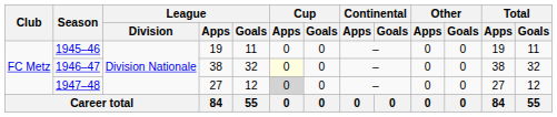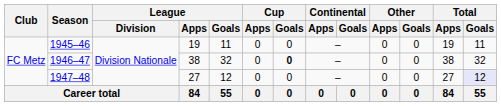 <table class="wikitable" style="text-align: center">
 <tr>
 <th rowspan="2">Club</th>
 <th rowspan="2">Season</th>
 <th colspan="3">League</th>
 <th colspan="2">Cup</th>
 <th colspan="2">Continental</th>
 <th colspan="2">Other</th>
 <th colspan="2">Total</th>
 </tr>
 <tr>
 <th>Division</th>
 <th>Apps</th>
 <th>Goals</th>
 <th>Apps</th>
 <th>Goals</th>
 <th>Apps</th>
 <th>Goals</th>
 <th>Apps</th>
 <th>Goals</th>
 <th>Apps</th>
 <th>Goals</th>
 </tr>
 <tr>
 <td rowspan="3"><a href='#'>FC Metz</a></td>
 <td><a href='#'>1945–46</a></td>
 <td rowspan="3"><a href='#'>Division Nationale</a></td>
 <td>19</td>
 <td>11</td>
 <td>0</td>
 <td>0</td>
 <td colspan="2">–</td>
 <td>0</td>
 <td>0</td>
 <td>19</td>
 <td>11</td>
 </tr>
 <tr>
 <td><a href='#'>1946–47</a></td>
 <td>38</td>
 <td>32</td>
-<td style="background: lightyellow;">0</td>
 <td>0</td>
+<td><strong>0</strong></td>
 <td colspan="2">–</td>
 <td>0</td>
 <td>0</td>
 <td>38</td>
 <td>32</td>
 </tr>
 <tr>
 <td><a href='#'>1947–48</a></td>
 <td>27</td>
 <td>12</td>
-<td style="background: lightgrey;">0</td>
+<td>0</td>
 <td>0</td>
 <td colspan="2">–</td>
 <td>0</td>
 <td>0</td>
 <td>27</td>
-<td>12</td>
+<td style="background: lavender;">12</td>
 </tr>
 <tr>
 <th colspan="3"><strong>Career total</strong></th>
 <th>84</th>
 <th>55</th>
 <th>0</th>
 <th>0</th>
 <th>0</th>
 <th>0</th>
 <th>0</th>
 <th>0</th>
 <th>84</th>
 <th>55</th>
 </tr>
 </table>
